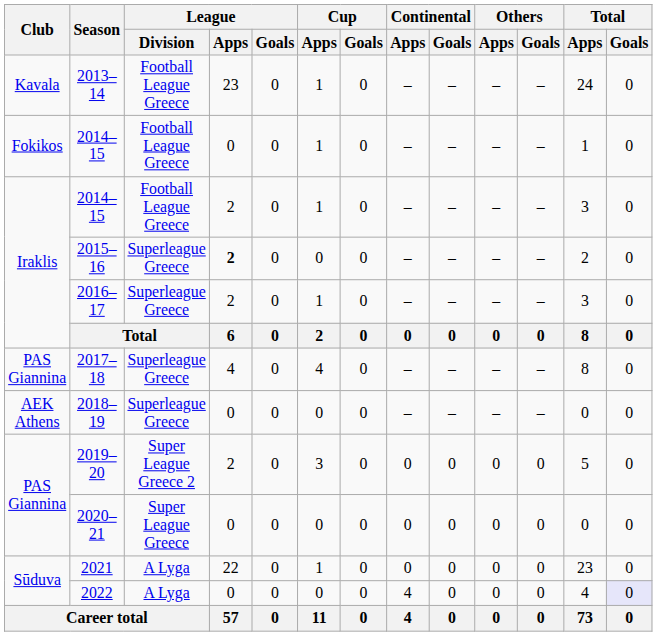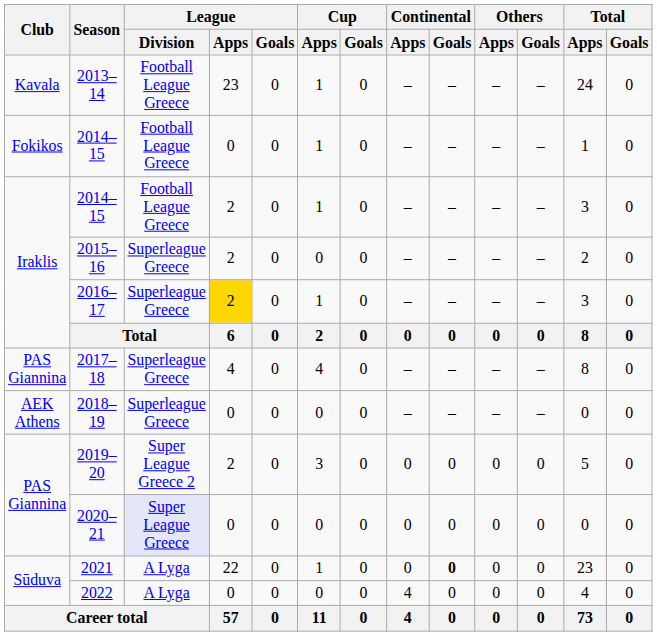 <table class="wikitable" style="text-align:center">
 <tr>
 <th rowspan=2>Club</th>
 <th rowspan=2>Season</th>
 <th colspan="3">League</th>
 <th colspan=2>Cup</th>
 <th colspan=2>Continental</th>
 <th colspan=2>Others</th>
 <th colspan=2>Total</th>
 </tr>
 <tr>
 <th>Division</th>
 <th>Apps</th>
 <th>Goals</th>
 <th>Apps</th>
 <th>Goals</th>
 <th>Apps</th>
 <th>Goals</th>
 <th>Apps</th>
 <th>Goals</th>
 <th>Apps</th>
 <th>Goals</th>
 </tr>
 <tr>
 <td><a href='#'>Kavala</a></td>
 <td><a href='#'>2013–14</a></td>
 <td><a href='#'>Football League Greece</a></td>
 <td>23</td>
 <td>0</td>
 <td>1</td>
 <td>0</td>
 <td>–</td>
 <td>–</td>
 <td>–</td>
 <td>–</td>
 <td>24</td>
 <td>0</td>
 </tr>
 <tr>
 <td><a href='#'>Fokikos</a></td>
 <td><a href='#'>2014–15</a></td>
 <td><a href='#'>Football League Greece</a></td>
 <td>0</td>
 <td>0</td>
 <td>1</td>
 <td>0</td>
 <td>–</td>
 <td>–</td>
 <td>–</td>
 <td>–</td>
 <td>1</td>
 <td>0</td>
 </tr>
 <tr>
 <td rowspan=4><a href='#'>Iraklis</a></td>
 <td><a href='#'>2014–15</a></td>
 <td><a href='#'>Football League Greece</a></td>
 <td>2</td>
 <td>0</td>
 <td>1</td>
 <td>0</td>
 <td>–</td>
 <td>–</td>
 <td>–</td>
 <td>–</td>
 <td>3</td>
 <td>0</td>
 </tr>
 <tr>
 <td><a href='#'>2015–16</a></td>
 <td><a href='#'>Superleague Greece</a></td>
-<td><strong>2</strong></td>
+<td>2</td>
 <td>0</td>
 <td>0</td>
 <td>0</td>
 <td>–</td>
 <td>–</td>
 <td>–</td>
 <td>–</td>
 <td>2</td>
 <td>0</td>
 </tr>
 <tr>
 <td><a href='#'>2016–17</a></td>
 <td><a href='#'>Superleague Greece</a></td>
-<td>2</td>
+<td style="background: gold;">2</td>
 <td>0</td>
 <td>1</td>
 <td>0</td>
 <td>–</td>
 <td>–</td>
 <td>–</td>
 <td>–</td>
 <td>3</td>
 <td>0</td>
 </tr>
 <tr>
 <th colspan="2">Total</th>
 <th>6</th>
 <th>0</th>
 <th>2</th>
 <th>0</th>
 <th>0</th>
 <th>0</th>
 <th>0</th>
 <th>0</th>
 <th>8</th>
 <th>0</th>
 </tr>
 <tr>
 <td><a href='#'>PAS Giannina</a></td>
 <td><a href='#'>2017–18</a></td>
 <td><a href='#'>Superleague Greece</a></td>
 <td>4</td>
 <td>0</td>
 <td>4</td>
 <td>0</td>
 <td>–</td>
 <td>–</td>
 <td>–</td>
 <td>–</td>
 <td>8</td>
 <td>0</td>
 </tr>
 <tr>
 <td><a href='#'>AEK Athens</a></td>
 <td><a href='#'>2018–19</a></td>
 <td><a href='#'>Superleague Greece</a></td>
 <td>0</td>
 <td>0</td>
 <td>0</td>
 <td>0</td>
 <td>–</td>
 <td>–</td>
 <td>–</td>
 <td>–</td>
 <td>0</td>
 <td>0</td>
 </tr>
 <tr>
 <td rowspan ="2"><a href='#'>PAS Giannina</a></td>
 <td><a href='#'>2019–20</a></td>
 <td rowspan="1"><a href='#'>Super League Greece 2</a></td>
 <td>2</td>
 <td>0</td>
 <td>3</td>
 <td>0</td>
 <td>0</td>
 <td>0</td>
 <td>0</td>
 <td>0</td>
 <td>5</td>
 <td>0</td>
 </tr>
 <tr>
 <td><a href='#'>2020–21</a></td>
-<td><a href='#'>Super League Greece</a></td>
+<td style="background: lavender;"><a href='#'>Super League Greece</a></td>
 <td>0</td>
 <td>0</td>
 <td>0</td>
 <td>0</td>
 <td>0</td>
 <td>0</td>
 <td>0</td>
 <td>0</td>
 <td>0</td>
 <td>0</td>
 </tr>
 <tr>
 <td rowspan ="2"><a href='#'>Sūduva</a></td>
 <td><a href='#'>2021</a></td>
 <td rowspan="1"><a href='#'>A Lyga</a></td>
 <td>22</td>
 <td>0</td>
 <td>1</td>
 <td>0</td>
 <td>0</td>
-<td>0</td>
+<td><strong>0</strong></td>
 <td>0</td>
 <td>0</td>
 <td>23</td>
 <td>0</td>
 </tr>
 <tr>
 <td><a href='#'>2022</a></td>
 <td><a href='#'>A Lyga</a></td>
 <td>0</td>
 <td>0</td>
 <td>0</td>
 <td>0</td>
 <td>4</td>
 <td>0</td>
 <td>0</td>
 <td>0</td>
 <td>4</td>
-<td style="background: lavender;">0</td>
+<td>0</td>
 </tr>
 <tr>
 <th colspan="3">Career total</th>
 <th>57</th>
 <th>0</th>
 <th>11</th>
 <th>0</th>
 <th>4</th>
 <th>0</th>
 <th>0</th>
 <th>0</th>
 <th>73</th>
 <th>0</th>
 </tr>
 </table>
